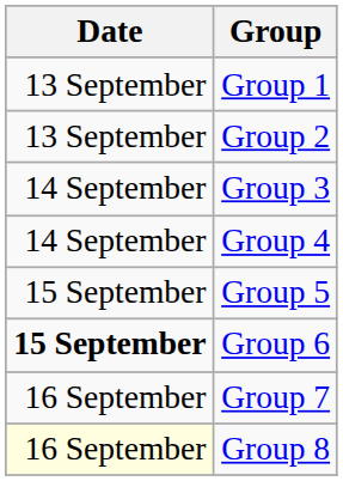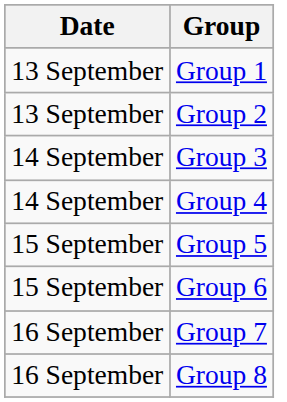 <table class="wikitable">
 <tr>
 <th>Date</th>
 <th>Group</th>
 </tr>
 <tr>
 <td style="text-align:right;">13 September</td>
 <td style="text-align:left;"><a href='#'>Group 1</a></td>
 </tr>
 <tr>
 <td style="text-align:right;">13 September</td>
 <td style="text-align:left;"><a href='#'>Group 2</a></td>
 </tr>
 <tr>
 <td style="text-align:right;">14 September</td>
 <td style="text-align:left;"><a href='#'>Group 3</a></td>
 </tr>
 <tr>
 <td style="text-align:right;">14 September</td>
 <td style="text-align:left;"><a href='#'>Group 4</a></td>
 </tr>
 <tr>
 <td style="text-align:right;">15 September</td>
 <td style="text-align:left;"><a href='#'>Group 5</a></td>
 </tr>
 <tr>
-<td style="text-align:right;"><strong>15 September</strong></td>
+<td style="text-align:right;">15 September</td>
 <td style="text-align:left;"><a href='#'>Group 6</a></td>
 </tr>
 <tr>
 <td style="text-align:right;">16 September</td>
 <td style="text-align:left;"><a href='#'>Group 7</a></td>
 </tr>
 <tr>
-<td style="background: lightyellow; text-align:right;">16 September</td>
+<td style="text-align:right;">16 September</td>
 <td style="text-align:left;"><a href='#'>Group 8</a></td>
 </tr>
 </table>
